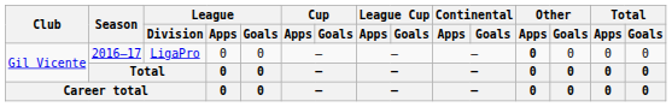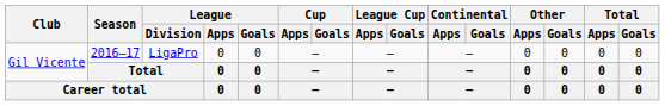 <table class="wikitable" style="text-align:center">
 <tr>
 <th rowspan="2">Club</th>
 <th rowspan="2">Season</th>
 <th colspan="3">League</th>
 <th colspan="2">Cup</th>
 <th colspan="2">League Cup</th>
 <th colspan="2">Continental</th>
 <th colspan="2">Other</th>
 <th colspan="2">Total</th>
 </tr>
 <tr>
 <th>Division</th>
 <th>Apps</th>
 <th>Goals</th>
 <th>Apps</th>
 <th>Goals</th>
 <th>Apps</th>
 <th>Goals</th>
 <th>Apps</th>
 <th>Goals</th>
 <th>Apps</th>
 <th>Goals</th>
 <th>Apps</th>
 <th>Goals</th>
 </tr>
 <tr>
 <td rowspan="2"><a href='#'>Gil Vicente</a></td>
 <td><a href='#'>2016–17</a></td>
 <td rowspan="1"><a href='#'>LigaPro</a></td>
 <td>0</td>
 <td>0</td>
 <td colspan="2">—</td>
 <td colspan="2">—</td>
 <td colspan="2">—</td>
-<td><strong>0</strong></td>
+<td>0</td>
 <td>0</td>
 <td>0</td>
 <td>0</td>
 </tr>
 <tr>
 <th colspan="2">Total</th>
 <th>0</th>
 <th>0</th>
 <th colspan="2">—</th>
 <th colspan="2">—</th>
 <th colspan="2">—</th>
 <th>0</th>
 <th>0</th>
 <th>0</th>
 <th>0</th>
 </tr>
 <tr>
 <th colspan="3">Career total</th>
 <th>0</th>
 <th>0</th>
 <th colspan="2">—</th>
 <th colspan="2">—</th>
 <th colspan="2">—</th>
 <th>0</th>
 <th>0</th>
 <th>0</th>
 <th>0</th>
 </tr>
 </table>
